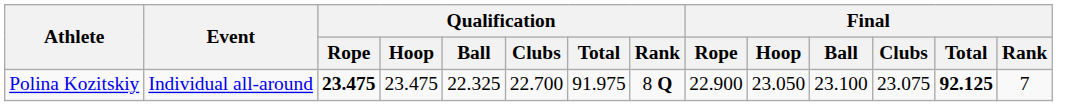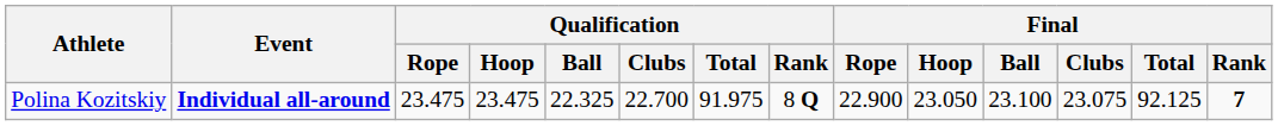 <table class=wikitable style=font-size:90%>
 <tr>
 <th rowspan=2>Athlete</th>
 <th rowspan=2>Event</th>
 <th colspan=6>Qualification</th>
 <th colspan=6>Final</th>
 </tr>
 <tr>
 <th>Rope</th>
 <th>Hoop</th>
 <th>Ball</th>
 <th>Clubs</th>
 <th>Total</th>
 <th>Rank</th>
 <th>Rope</th>
 <th>Hoop</th>
 <th>Ball</th>
 <th>Clubs</th>
 <th>Total</th>
 <th>Rank</th>
 </tr>
 <tr align=center>
 <td align=left><a href='#'>Polina Kozitskiy</a></td>
-<td align=left><a href='#'>Individual all-around</a></td>
-<td><strong>23.475</strong></td>
+<td align=left><strong><a href='#'>Individual all-around</a></strong></td>
+<td>23.475</td>
 <td>23.475</td>
 <td>22.325</td>
 <td>22.700</td>
 <td>91.975</td>
 <td>8 <strong>Q</strong></td>
 <td>22.900</td>
 <td>23.050</td>
 <td>23.100</td>
 <td>23.075</td>
-<td><strong>92.125</strong></td>
-<td>7</td>
+<td>92.125</td>
+<td><strong>7</strong></td>
 </tr>
 </table>
